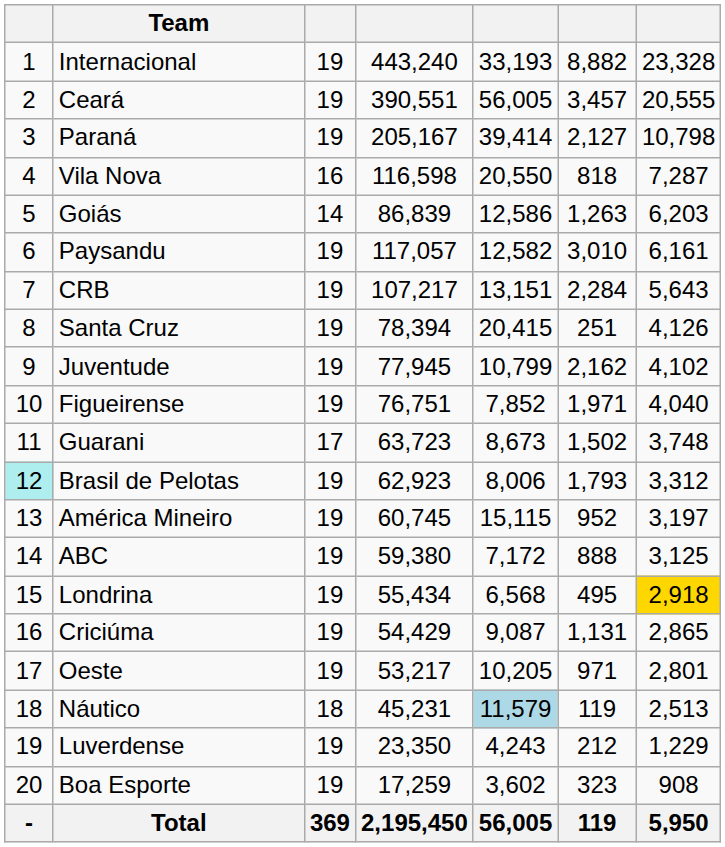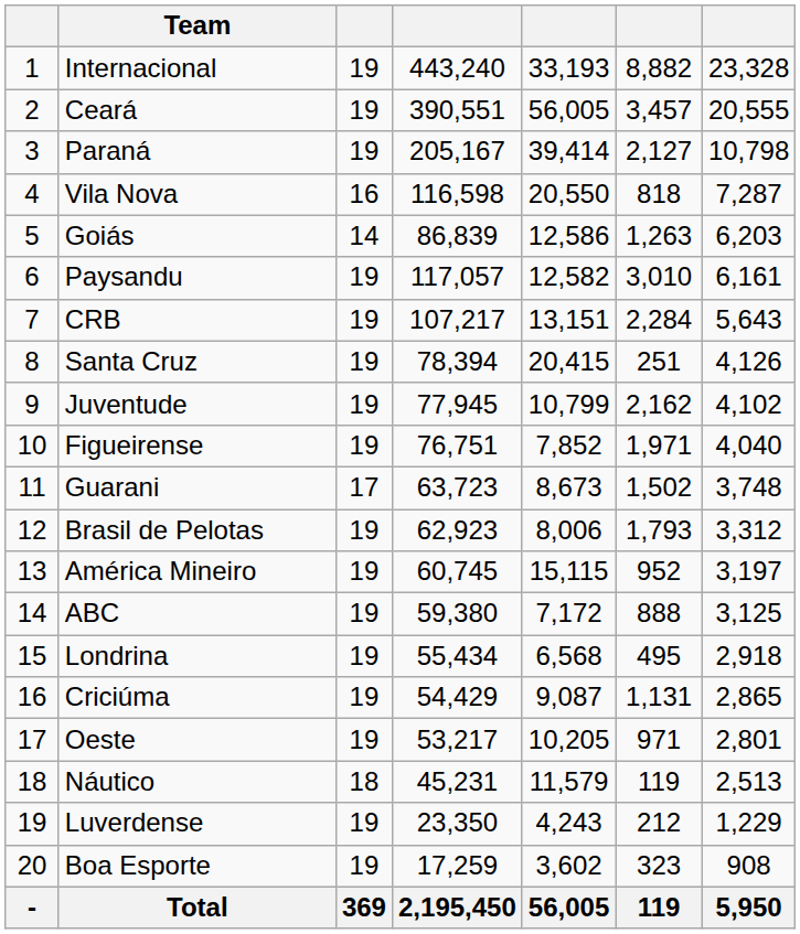 <table class="wikitable sortable">
 <tr>
 <th width=25></th>
 <th width=160>Team</th>
 <th></th>
 <th width=45></th>
 <th width=45></th>
 <th width=45></th>
 <th width=45></th>
 </tr>
 <tr>
 <td align=center>1</td>
 <td>Internacional</td>
 <td align=center>19</td>
 <td align=center>443,240</td>
 <td align=center>33,193</td>
 <td align=center>8,882</td>
 <td align=center>23,328</td>
 </tr>
 <tr>
 <td align=center>2</td>
 <td>Ceará</td>
 <td align=center>19</td>
 <td align=center>390,551</td>
 <td align=center>56,005</td>
 <td align=center>3,457</td>
 <td align=center>20,555</td>
 </tr>
 <tr>
 <td align=center>3</td>
 <td>Paraná</td>
 <td align=center>19</td>
 <td align=center>205,167</td>
 <td align=center>39,414</td>
 <td align=center>2,127</td>
 <td align=center>10,798</td>
 </tr>
 <tr>
 <td align=center>4</td>
 <td>Vila Nova</td>
 <td align=center>16</td>
 <td align=center>116,598</td>
 <td align=center>20,550</td>
 <td align=center>818</td>
 <td align=center>7,287</td>
 </tr>
 <tr>
 <td align=center>5</td>
 <td>Goiás</td>
 <td align=center>14</td>
 <td align=center>86,839</td>
 <td align=center>12,586</td>
 <td align=center>1,263</td>
 <td align=center>6,203</td>
 </tr>
 <tr>
 <td align=center>6</td>
 <td>Paysandu</td>
 <td align=center>19</td>
 <td align=center>117,057</td>
 <td align=center>12,582</td>
 <td align=center>3,010</td>
 <td align=center>6,161</td>
 </tr>
 <tr>
 <td align=center>7</td>
 <td>CRB</td>
 <td align=center>19</td>
 <td align=center>107,217</td>
 <td align=center>13,151</td>
 <td align=center>2,284</td>
 <td align=center>5,643</td>
 </tr>
 <tr>
 <td align=center>8</td>
 <td>Santa Cruz</td>
 <td align=center>19</td>
 <td align=center>78,394</td>
 <td align=center>20,415</td>
 <td align=center>251</td>
 <td align=center>4,126</td>
 </tr>
 <tr>
 <td align=center>9</td>
 <td>Juventude</td>
 <td align=center>19</td>
 <td align=center>77,945</td>
 <td align=center>10,799</td>
 <td align=center>2,162</td>
 <td align=center>4,102</td>
 </tr>
 <tr>
 <td align=center>10</td>
 <td>Figueirense</td>
 <td align=center>19</td>
 <td align=center>76,751</td>
 <td align=center>7,852</td>
 <td align=center>1,971</td>
 <td align=center>4,040</td>
 </tr>
 <tr>
 <td align=center>11</td>
 <td>Guarani</td>
 <td align=center>17</td>
 <td align=center>63,723</td>
 <td align=center>8,673</td>
 <td align=center>1,502</td>
 <td align=center>3,748</td>
 </tr>
 <tr>
-<td align=center style="background: paleturquoise;">12</td>
+<td align=center>12</td>
 <td>Brasil de Pelotas</td>
 <td align=center>19</td>
 <td align=center>62,923</td>
 <td align=center>8,006</td>
 <td align=center>1,793</td>
 <td align=center>3,312</td>
 </tr>
 <tr>
 <td align=center>13</td>
 <td>América Mineiro</td>
 <td align=center>19</td>
 <td align=center>60,745</td>
 <td align=center>15,115</td>
 <td align=center>952</td>
 <td align=center>3,197</td>
 </tr>
 <tr>
 <td align=center>14</td>
 <td>ABC</td>
 <td align=center>19</td>
 <td align=center>59,380</td>
 <td align=center>7,172</td>
 <td align=center>888</td>
 <td align=center>3,125</td>
 </tr>
 <tr>
 <td align=center>15</td>
 <td>Londrina</td>
 <td align=center>19</td>
 <td align=center>55,434</td>
 <td align=center>6,568</td>
 <td align=center>495</td>
-<td align=center style="background: gold;">2,918</td>
+<td align=center>2,918</td>
 </tr>
 <tr>
 <td align=center>16</td>
 <td>Criciúma</td>
 <td align=center>19</td>
 <td align=center>54,429</td>
 <td align=center>9,087</td>
 <td align=center>1,131</td>
 <td align=center>2,865</td>
 </tr>
 <tr>
 <td align=center>17</td>
 <td>Oeste</td>
 <td align=center>19</td>
 <td align=center>53,217</td>
 <td align=center>10,205</td>
 <td align=center>971</td>
 <td align=center>2,801</td>
 </tr>
 <tr>
 <td align=center>18</td>
 <td>Náutico</td>
 <td align=center>18</td>
 <td align=center>45,231</td>
-<td align=center style="background: lightblue;">11,579</td>
+<td align=center>11,579</td>
 <td align=center>119</td>
 <td align=center>2,513</td>
 </tr>
 <tr>
 <td align=center>19</td>
 <td>Luverdense</td>
 <td align=center>19</td>
 <td align=center>23,350</td>
 <td align=center>4,243</td>
 <td align=center>212</td>
 <td align=center>1,229</td>
 </tr>
 <tr>
 <td align=center>20</td>
 <td>Boa Esporte</td>
 <td align=center>19</td>
 <td align=center>17,259</td>
 <td align=center>3,602</td>
 <td align=center>323</td>
 <td align=center>908</td>
 </tr>
 <tr>
 <th align=center>-</th>
 <th>Total</th>
 <th align=center>369</th>
 <th>2,195,450</th>
 <th align=center>56,005</th>
 <th align=center>119</th>
 <th align=center>5,950</th>
 </tr>
 </table>
